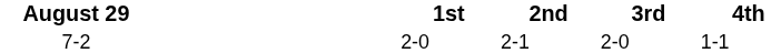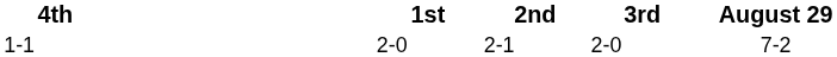 <table width=60% cellspacing=1>
 <tr>
 <th width=20%></th>
-<th width=12%>August 29</th>
+<th width=8%>4th</th>
 <th width=20%></th>
 <th width=8%>1st</th>
 <th width=8%>2nd</th>
 <th width=8%>3rd</th>
-<th width=8%>4th</th>
+<th width=12%>August 29</th>
 </tr>
 <tr style=font-size:90%>
 <td align=right><strong></strong></td>
-<td align=center>7-2</td>
+<td>1-1</td>
 <td></td>
 <td>2-0</td>
 <td>2-1</td>
 <td>2-0</td>
-<td>1-1</td>
+<td align=center>7-2</td>
 </tr>
 </table>
